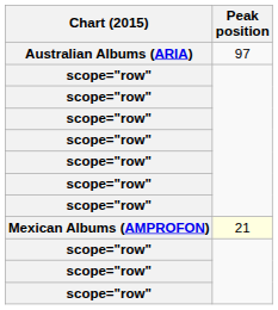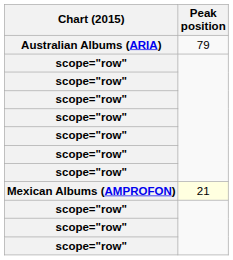 <table class="wikitable sortable plainrowheaders" style="text-align:center">
 <tr>
 <th scope="col">Chart (2015)</th>
 <th scope="col">Peak<br>position</th>
 </tr>
 <tr>
 <th scope="row">Australian Albums (<a href='#'>ARIA</a>)</th>
-<td>97</td>
+<td>79</td>
 </tr>
 <tr>
 <th>scope="row"</th>
 </tr>
 <tr>
 <th>scope="row"</th>
 </tr>
 <tr>
 <th>scope="row"</th>
 </tr>
 <tr>
 <th>scope="row"</th>
 </tr>
 <tr>
 <th>scope="row"</th>
 </tr>
 <tr>
 <th>scope="row"</th>
 </tr>
 <tr>
 <th>scope="row"</th>
 </tr>
 <tr>
 <th scope="row">Mexican Albums (<a href='#'>AMPROFON</a>)</th>
 <td align="center" style="background: lightyellow;">21</td>
 </tr>
 <tr>
 <th>scope="row"</th>
 </tr>
 <tr>
 <th>scope="row"</th>
 </tr>
 <tr>
 <th>scope="row"</th>
 </tr>
 </table>
